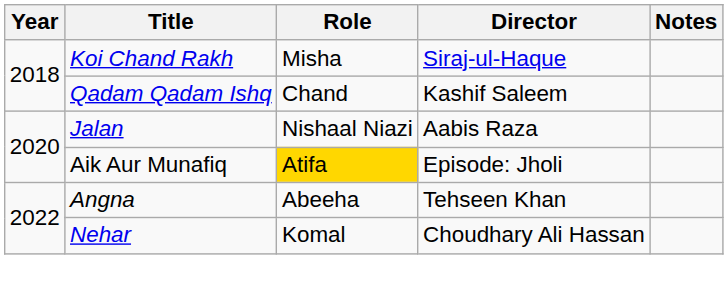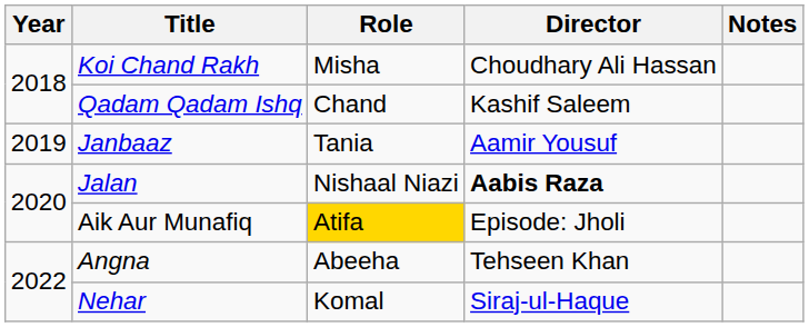 <table class="wikitable">
 <tr>
 <th>Year</th>
 <th>Title</th>
 <th>Role</th>
 <th>Director</th>
 <th>Notes</th>
 </tr>
 <tr>
 <td Rowspan=2>2018</td>
 <td><em><a href='#'>Koi Chand Rakh</a></em></td>
 <td>Misha</td>
-<td><a href='#'>Siraj-ul-Haque</a></td>
+<td>Choudhary Ali Hassan</td>
 <td></td>
 </tr>
 <tr>
 <td><em><a href='#'>Qadam Qadam Ishq</a></em></td>
 <td>Chand</td>
 <td>Kashif Saleem</td>
 <td></td>
 </tr>
 <tr>
+<td>2019</td>
+<td><em><a href='#'>Janbaaz</a></em></td>
+<td>Tania</td>
+<td><a href='#'>Aamir Yousuf</a></td>
+<td></td>
+</tr>
+<tr>
 <td rowspan=2>2020</td>
 <td><em><a href='#'>Jalan</a></em></td>
 <td>Nishaal Niazi</td>
-<td>Aabis Raza</td>
+<td><strong>Aabis Raza</strong></td>
 <td></td>
 </tr>
 <tr>
 <td>Aik Aur Munafiq</td>
 <td style="background: gold;">Atifa</td>
 <td>Episode: Jholi</td>
 <td></td>
 </tr>
 <tr>
 <td Rowspan=2>2022</td>
 <td><em>Angna</em></td>
 <td>Abeeha</td>
 <td>Tehseen Khan</td>
 <td></td>
 </tr>
 <tr>
 <td><em><a href='#'>Nehar</a></em></td>
 <td>Komal</td>
-<td>Choudhary Ali Hassan</td>
+<td><a href='#'>Siraj-ul-Haque</a></td>
 <td></td>
 </tr>
 </table>
